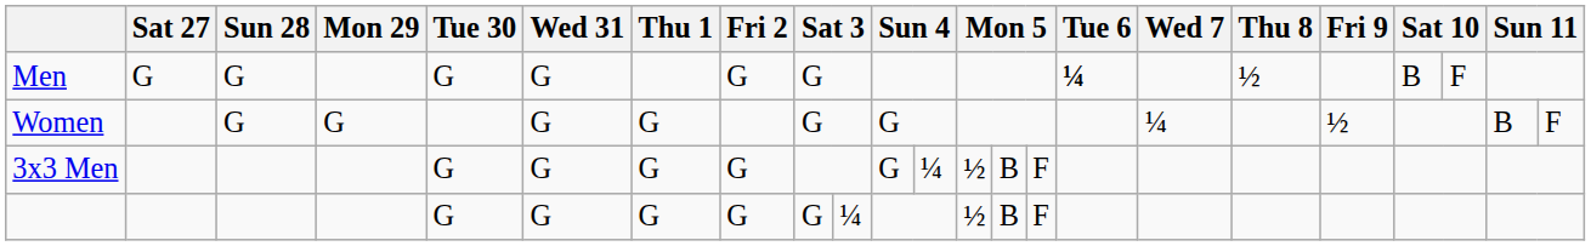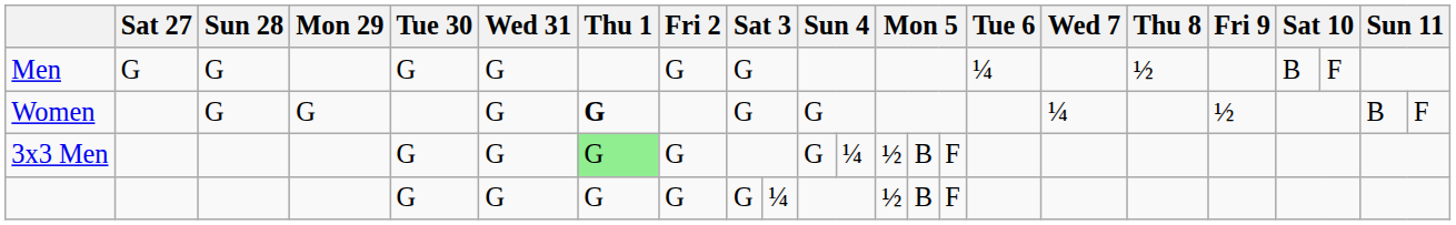 <table class="wikitable olympic-schedule basketball">
 <tr>
 <th></th>
 <th>Sat 27</th>
 <th>Sun 28</th>
 <th>Mon 29</th>
 <th>Tue 30</th>
 <th>Wed 31</th>
 <th>Thu 1</th>
 <th>Fri 2</th>
 <th colspan=2>Sat 3</th>
 <th colspan=2>Sun 4</th>
 <th colspan=3>Mon 5</th>
 <th>Tue 6</th>
 <th>Wed 7</th>
 <th>Thu 8</th>
 <th>Fri 9</th>
 <th colspan=2>Sat 10</th>
 <th colspan=2>Sun 11</th>
 </tr>
 <tr>
 <td class="event"><a href='#'>Men</a></td>
 <td class="team-group">G</td>
 <td class="team-group">G</td>
 <td></td>
 <td class="team-group">G</td>
 <td class="team-group">G</td>
 <td></td>
 <td class="team-group">G</td>
 <td colspan=2 class="team-group">G</td>
 <td colspan=2></td>
 <td colspan=3></td>
-<td class="team-qf"><strong>¼</strong></td>
+<td class="team-qf">¼</td>
 <td></td>
 <td class="team-sf">½</td>
 <td></td>
 <td class="team-bronze">B</td>
 <td class="team-final">F</td>
 <td colspan=2></td>
 </tr>
 <tr>
 <td class="event"><a href='#'>Women</a></td>
 <td></td>
 <td class="team-group">G</td>
 <td class="team-group">G</td>
 <td></td>
 <td class="team-group">G</td>
-<td class="team-group">G</td>
+<td class="team-group"><strong>G</strong></td>
 <td></td>
 <td colspan=2 class="team-group">G</td>
 <td colspan=2 class="team-group">G</td>
 <td colspan=3></td>
 <td></td>
 <td class="team-qf">¼</td>
 <td></td>
 <td class="team-sf">½</td>
 <td colspan=2></td>
 <td class="team-bronze">B</td>
 <td class="team-final">F</td>
 </tr>
 <tr>
 <td class="event"><a href='#'>3x3 Men</a></td>
 <td></td>
 <td></td>
 <td></td>
 <td class="team-group">G</td>
 <td class="team-group">G</td>
-<td class="team-group">G</td>
+<td class="team-group" style="background: lightgreen;">G</td>
 <td class="team-group">G</td>
 <td colspan=2></td>
 <td class="team-group">G</td>
 <td class="team-qf">¼</td>
 <td class="team-sf">½</td>
 <td class="team-bronze">B</td>
 <td class="team-final">F</td>
 <td></td>
 <td></td>
 <td></td>
 <td></td>
 <td colspan=2></td>
 <td colspan=2></td>
 </tr>
 <tr>
 <td class="event"></td>
 <td></td>
 <td></td>
 <td></td>
 <td class="team-group">G</td>
 <td class="team-group">G</td>
 <td class="team-group">G</td>
 <td class="team-group">G</td>
 <td class="team-group">G</td>
 <td class="team-qf">¼</td>
 <td colspan=2></td>
 <td class="team-sf">½</td>
 <td class="team-bronze">B</td>
 <td class="team-final">F</td>
 <td></td>
 <td></td>
 <td></td>
 <td></td>
 <td colspan=2></td>
 <td colspan=2></td>
 </tr>
 </table>
